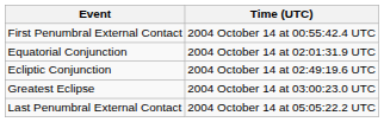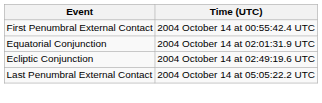 <table class="wikitable">
 <tr>
 <th>Event</th>
 <th>Time (UTC)</th>
 </tr>
 <tr>
 <td>First Penumbral External Contact</td>
 <td>2004 October 14 at 00:55:42.4 UTC</td>
 </tr>
 <tr>
 <td>Equatorial Conjunction</td>
 <td>2004 October 14 at 02:01:31.9 UTC</td>
 </tr>
 <tr>
 <td>Ecliptic Conjunction</td>
 <td>2004 October 14 at 02:49:19.6 UTC</td>
 </tr>
 <tr>
-<td>Greatest Eclipse</td>
-<td>2004 October 14 at 03:00:23.0 UTC</td>
-</tr>
-<tr>
 <td>Last Penumbral External Contact</td>
 <td>2004 October 14 at 05:05:22.2 UTC</td>
 </tr>
 </table>
